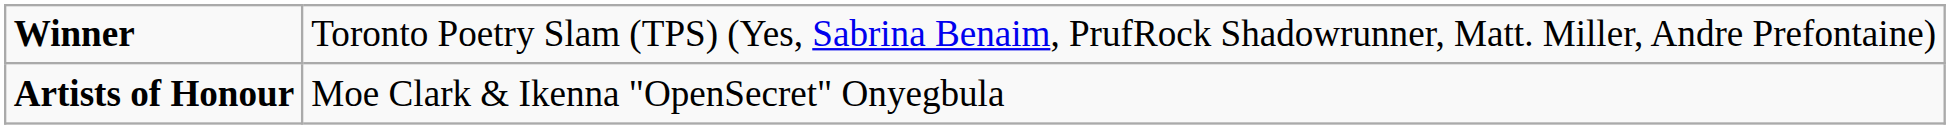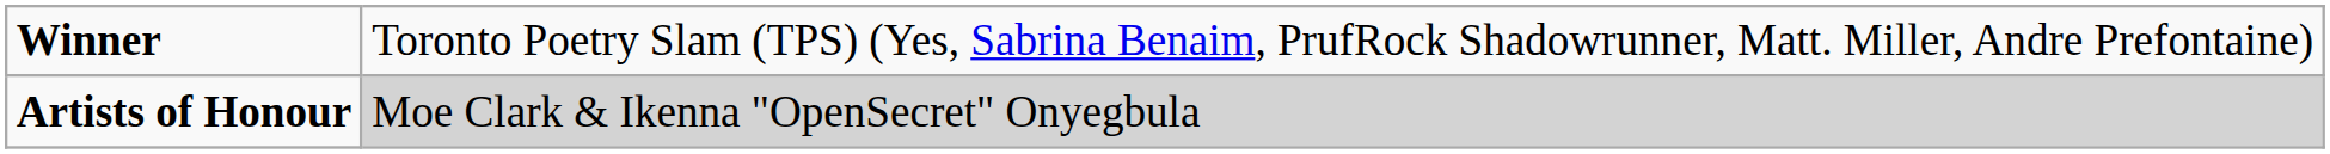 <table class="wikitable">
 <tr>
 <td><strong>Winner</strong></td>
 <td>Toronto Poetry Slam (TPS) (Yes, <a href='#'>Sabrina Benaim</a>, PrufRock Shadowrunner, Matt. Miller, Andre Prefontaine)</td>
 </tr>
 <tr>
 <td><strong>Artists of Honour</strong></td>
-<td>Moe Clark & Ikenna "OpenSecret" Onyegbula</td>
+<td style="background: lightgrey;">Moe Clark & Ikenna "OpenSecret" Onyegbula</td>
 </tr>
 </table>
